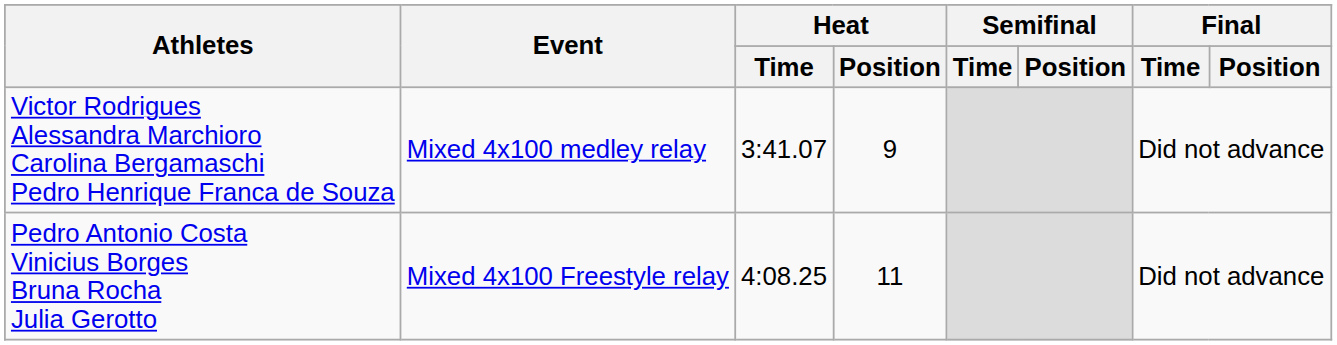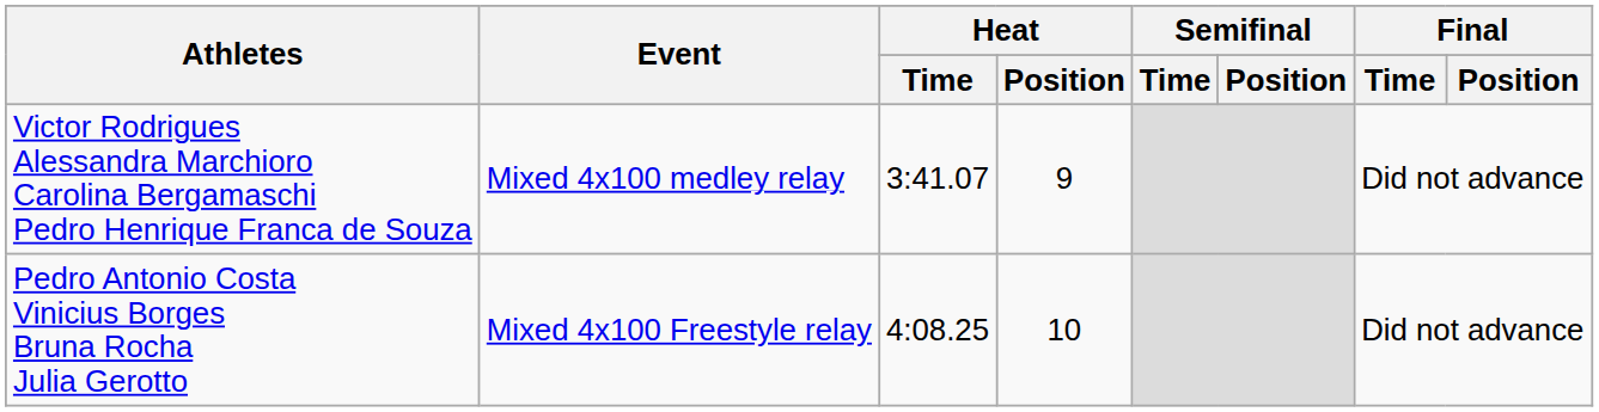 <table class="wikitable" border="1" style="font-size:90%">
 <tr>
 <th rowspan=2>Athletes</th>
 <th rowspan=2>Event</th>
 <th colspan=2>Heat</th>
 <th colspan=2>Semifinal</th>
 <th colspan=2>Final</th>
 </tr>
 <tr>
 <th>Time</th>
 <th>Position</th>
 <th>Time</th>
 <th>Position</th>
 <th>Time</th>
 <th>Position</th>
 </tr>
 <tr>
 <td><a href='#'>Victor Rodrigues</a><br><a href='#'>Alessandra Marchioro</a><br><a href='#'>Carolina Bergamaschi</a><br><a href='#'>Pedro Henrique Franca de Souza</a></td>
 <td><a href='#'>Mixed 4x100 medley relay</a></td>
 <td align=center>3:41.07</td>
 <td align=center>9</td>
 <td colspan=2 bgcolor=#DCDCDC></td>
 <td colspan="2" align=center>Did not advance</td>
 </tr>
 <tr>
 <td><a href='#'>Pedro Antonio Costa</a><br><a href='#'>Vinicius Borges</a><br><a href='#'>Bruna Rocha</a><br><a href='#'>Julia Gerotto</a></td>
 <td><a href='#'>Mixed 4x100 Freestyle relay</a></td>
 <td align=center>4:08.25</td>
-<td align=center>11</td>
+<td align=center>10</td>
 <td colspan=2 bgcolor=#DCDCDC></td>
 <td colspan="2" align=center>Did not advance</td>
 </tr>
 </table>
